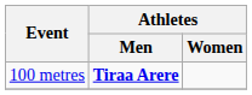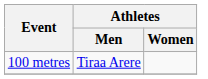 <table class=wikitable style="font-size:90%">
 <tr>
 <th rowspan=2>Event</th>
 <th colspan=2>Athletes</th>
 </tr>
 <tr>
 <th>Men</th>
 <th>Women</th>
 </tr>
 <tr>
 <td><a href='#'>100 metres</a></td>
-<td><strong><a href='#'>Tiraa Arere</a></strong></td>
+<td><a href='#'>Tiraa Arere</a></td>
 <td></td>
 </tr>
 <tr>
 </tr>
 </table>
